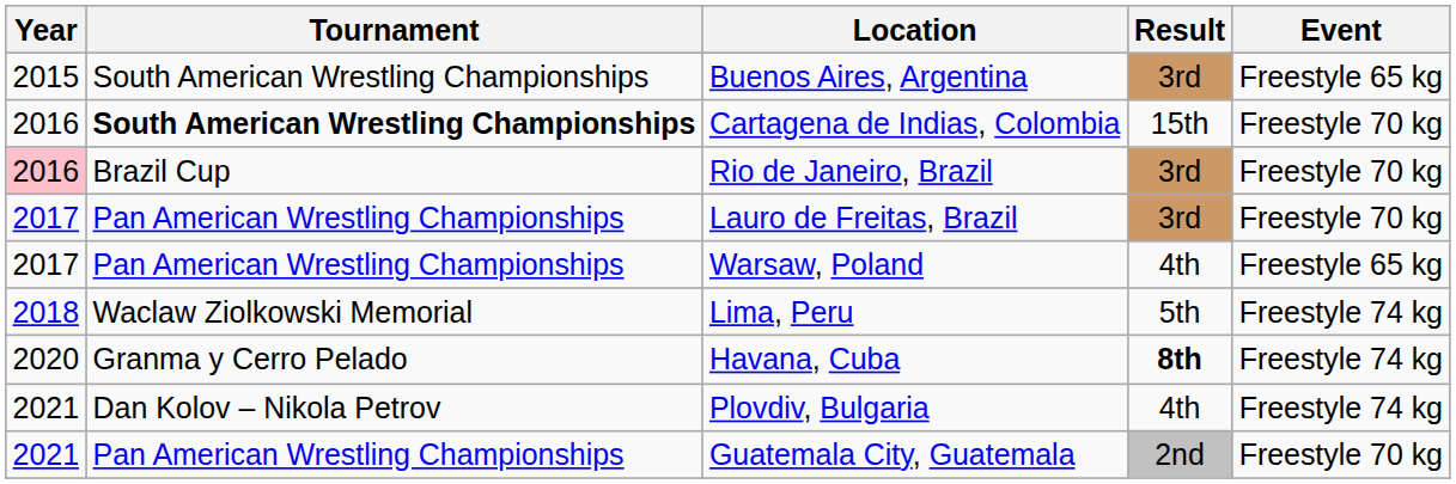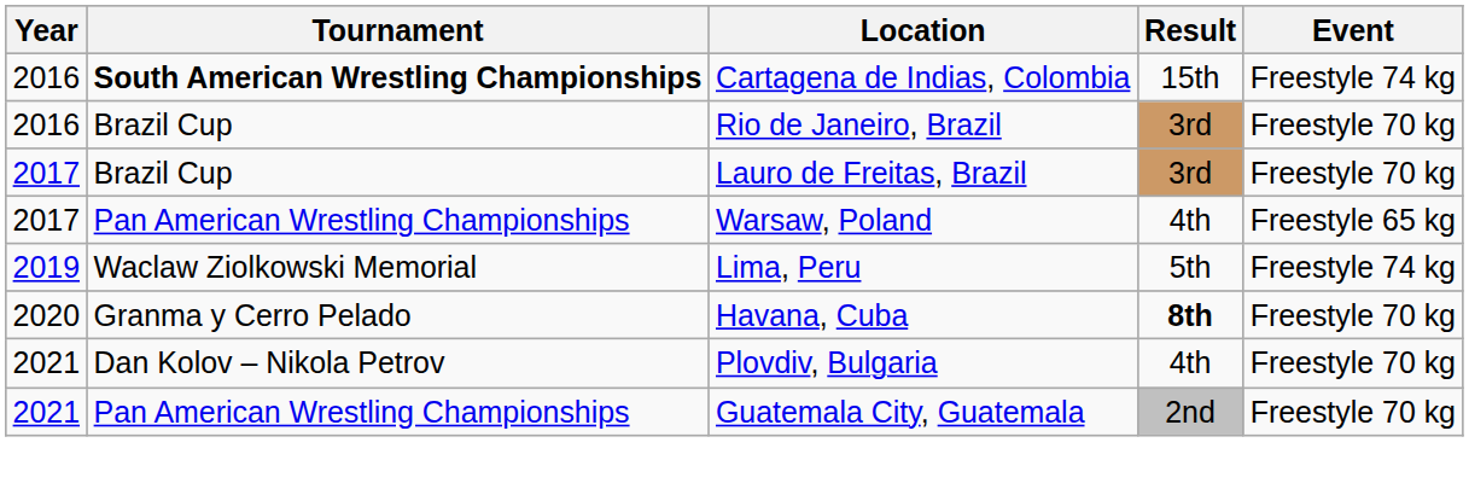 <table class="wikitable" style="font-size:95%;">
 <tr>
 <th>Year</th>
 <th>Tournament</th>
 <th>Location</th>
 <th>Result</th>
 <th>Event</th>
 </tr>
 <tr>
-<td>2015</td>
-<td>South American Wrestling Championships</td>
-<td> <a href='#'>Buenos Aires</a>, <a href='#'>Argentina</a></td>
-<td align="center" bgcolor="cc9966">3rd</td>
-<td>Freestyle 65 kg</td>
-</tr>
-<tr>
 <td>2016</td>
 <td><strong>South American Wrestling Championships</strong></td>
 <td> <a href='#'>Cartagena de Indias</a>, <a href='#'>Colombia</a></td>
 <td align="center">15th</td>
-<td>Freestyle 70 kg</td>
+<td>Freestyle 74 kg</td>
 </tr>
 <tr>
-<td style="background: pink;">2016</td>
+<td>2016</td>
 <td>Brazil Cup</td>
 <td> <a href='#'>Rio de Janeiro</a>, <a href='#'>Brazil</a></td>
 <td align="center" bgcolor="cc9966">3rd</td>
 <td>Freestyle 70 kg</td>
 </tr>
 <tr>
 <td><a href='#'>2017</a></td>
-<td><a href='#'>Pan American Wrestling Championships</a></td>
+<td>Brazil Cup</td>
 <td> <a href='#'>Lauro de Freitas</a>, <a href='#'>Brazil</a></td>
 <td align="center" bgcolor="cc9966">3rd</td>
 <td>Freestyle 70 kg</td>
 </tr>
 <tr>
 <td>2017</td>
 <td><a href='#'>Pan American Wrestling Championships</a></td>
 <td> <a href='#'>Warsaw</a>, <a href='#'>Poland</a></td>
 <td align="center">4th</td>
 <td>Freestyle 65 kg</td>
 </tr>
 <tr>
-<td><a href='#'>2018</a></td>
+<td><a href='#'>2019</a></td>
 <td>Waclaw Ziolkowski Memorial</td>
 <td> <a href='#'>Lima</a>, <a href='#'>Peru</a></td>
 <td align="center">5th</td>
 <td>Freestyle 74 kg</td>
 </tr>
 <tr>
 <td>2020</td>
 <td>Granma y Cerro Pelado</td>
 <td> <a href='#'>Havana</a>, <a href='#'>Cuba</a></td>
 <td align="center"><strong>8th</strong></td>
-<td>Freestyle 74 kg</td>
+<td>Freestyle 70 kg</td>
 </tr>
 <tr>
 <td>2021</td>
 <td>Dan Kolov – Nikola Petrov</td>
 <td> <a href='#'>Plovdiv</a>, <a href='#'>Bulgaria</a></td>
 <td align="center">4th</td>
-<td>Freestyle 74 kg</td>
+<td>Freestyle 70 kg</td>
 </tr>
 <tr>
 <td><a href='#'>2021</a></td>
 <td><a href='#'>Pan American Wrestling Championships</a></td>
 <td> <a href='#'>Guatemala City</a>, <a href='#'>Guatemala</a></td>
 <td align="center" bgcolor="C0C0C0">2nd</td>
 <td>Freestyle 70 kg</td>
 </tr>
 </table>
